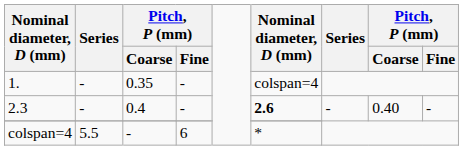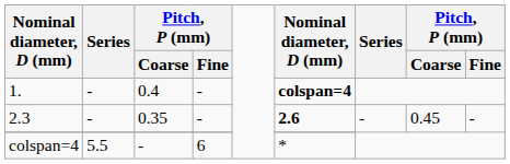 <table class="wikitable">
 <tr>
 <th rowspan=2>Nominal <br>diameter, <br><em>D</em> (mm)</th>
 <th rowspan=2>Series</th>
 <th colspan=2><a href='#'>Pitch</a>, <br><em>P</em> (mm)</th>
 <td rowspan="21" scope="col" style="width:2em; border-top:0px; border-bottom:0px;"></td>
 <th rowspan=2>Nominal <br>diameter, <br><em>D</em> (mm)</th>
 <th rowspan=2>Series</th>
 <th colspan=2><a href='#'>Pitch</a>, <br><em>P</em> (mm)</th>
 </tr>
 <tr>
 <th>Coarse</th>
 <th>Fine</th>
 <th>Coarse</th>
 <th>Fine</th>
 </tr>
 <tr>
 <td>1.</td>
 <td>-</td>
-<td>0.35</td>
+<td>0.4</td>
 <td>-</td>
-<td>colspan=4 </td>
+<td><strong>colspan=4 </strong></td>
 </tr>
 <tr>
 <td>2.3</td>
 <td>-</td>
-<td>0.4</td>
+<td>0.35</td>
 <td>-</td>
 <td><strong>2.6</strong></td>
 <td>-</td>
-<td>0.40</td>
+<td>0.45</td>
 <td>-</td>
 </tr>
 <tr>
 </tr>
 <tr>
 <td>colspan=4 </td>
 <td style="border-bottom:1px;">5.5</td>
 <td>-</td>
 <td>6</td>
 <td>*</td>
 </tr>
 </table>
